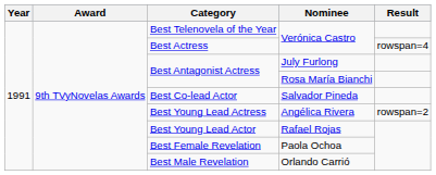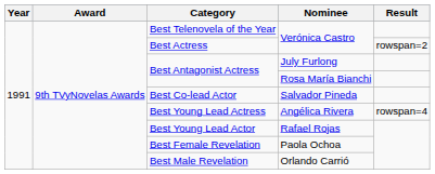 <table class="wikitable">
 <tr style="background:#b0c4de;">
 <th>Year</th>
 <th>Award</th>
 <th>Category</th>
 <th>Nominee</th>
 <th>Result</th>
 </tr>
 <tr>
 <td rowspan=9>1991</td>
 <td rowspan=9><a href='#'>9th TVyNovelas Awards</a></td>
 <td><a href='#'>Best Telenovela of the Year</a></td>
 <td rowspan=2><a href='#'>Verónica Castro</a></td>
 <td></td>
 </tr>
 <tr>
 <td><a href='#'>Best Actress</a></td>
-<td>rowspan=4 </td>
+<td>rowspan=2 </td>
 </tr>
 <tr>
 <td rowspan=2><a href='#'>Best Antagonist Actress</a></td>
 <td><a href='#'>July Furlong</a></td>
 </tr>
 <tr>
 <td><a href='#'>Rosa María Bianchi</a></td>
 <td></td>
 </tr>
 <tr>
 <td><a href='#'>Best Co-lead Actor</a></td>
 <td><a href='#'>Salvador Pineda</a></td>
 <td></td>
 </tr>
 <tr>
 <td><a href='#'>Best Young Lead Actress</a></td>
 <td><a href='#'>Angélica Rivera</a></td>
-<td>rowspan=2 </td>
+<td>rowspan=4 </td>
 </tr>
 <tr>
 <td><a href='#'>Best Young Lead Actor</a></td>
 <td><a href='#'>Rafael Rojas</a></td>
 </tr>
 <tr>
 <td><a href='#'>Best Female Revelation</a></td>
 <td>Paola Ochoa</td>
 </tr>
 <tr>
 <td><a href='#'>Best Male Revelation</a></td>
 <td>Orlando Carrió</td>
 </tr>
 </table>
